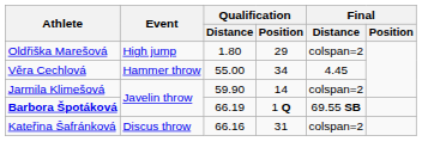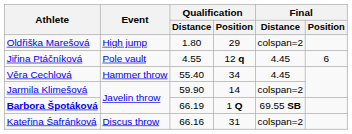 <table class=wikitable style="font-size:90%">
 <tr>
 <th rowspan="2">Athlete</th>
 <th rowspan="2">Event</th>
 <th colspan="2">Qualification</th>
 <th colspan="2">Final</th>
 </tr>
 <tr style="font-size:95%">
 <th>Distance</th>
 <th>Position</th>
 <th>Distance</th>
 <th>Position</th>
 </tr>
 <tr align=center>
 <td align=left><a href='#'>Oldřiška Marešová</a></td>
 <td align=left><a href='#'>High jump</a></td>
 <td>1.80</td>
 <td>29</td>
 <td>colspan=2 </td>
 </tr>
 <tr align=center>
+<td align=left><a href='#'>Jiřina Ptáčníková</a></td>
+<td align=left><a href='#'>Pole vault</a></td>
+<td>4.55</td>
+<td>12 <strong>q</strong></td>
+<td>4.45</td>
+<td>6</td>
+</tr>
+<tr align=center>
 <td align=left><a href='#'>Věra Cechlová</a></td>
 <td align=left><a href='#'>Hammer throw</a></td>
-<td>55.00</td>
+<td>55.40</td>
 <td>34</td>
 <td>4.45</td>
 </tr>
 <tr align=center>
 <td align=left><a href='#'>Jarmila Klimešová</a></td>
 <td rowspan=2 align=left><a href='#'>Javelin throw</a></td>
 <td>59.90</td>
 <td>14</td>
 <td>colspan=2 </td>
 </tr>
 <tr align=center>
 <td align=left><strong><a href='#'>Barbora Špotáková</a></strong></td>
 <td>66.19</td>
 <td>1 <strong>Q</strong></td>
 <td>69.55 <strong>SB</strong></td>
 <td></td>
 </tr>
 <tr align=center>
 <td align=left><a href='#'>Kateřina Šafránková</a></td>
 <td align=left><a href='#'>Discus throw</a></td>
 <td>66.16</td>
 <td>31</td>
 <td>colspan=2 </td>
 </tr>
 </table>
